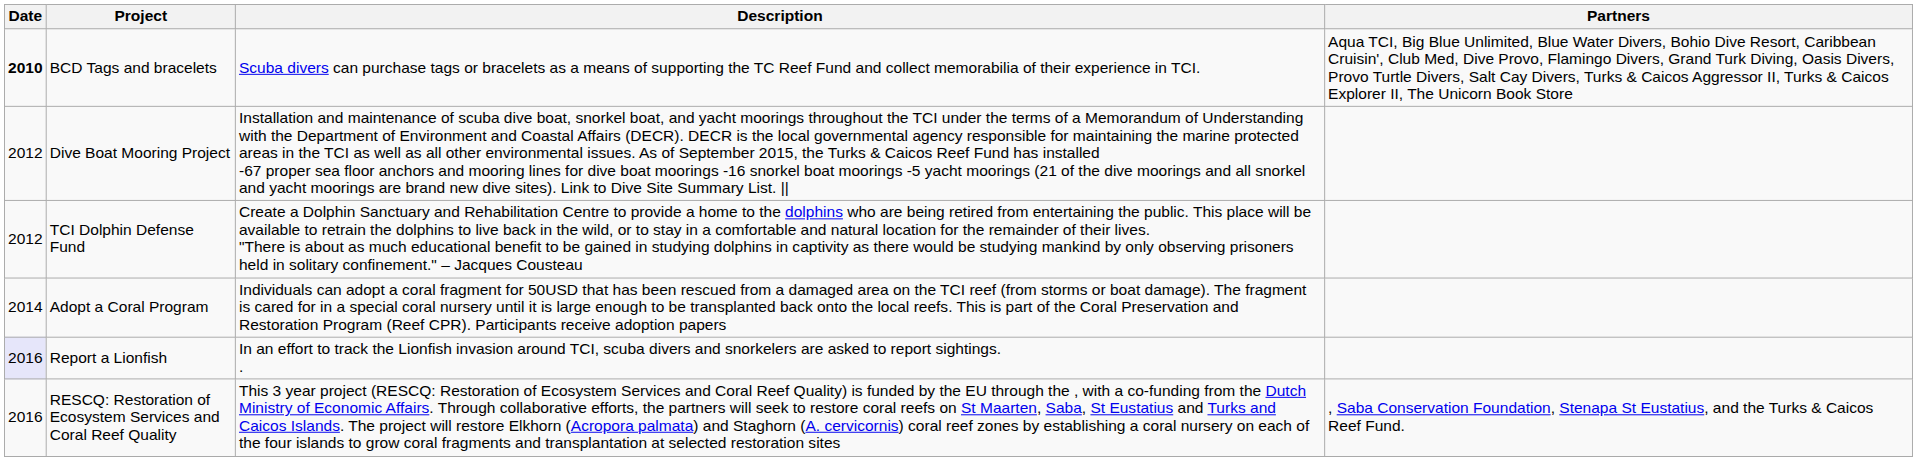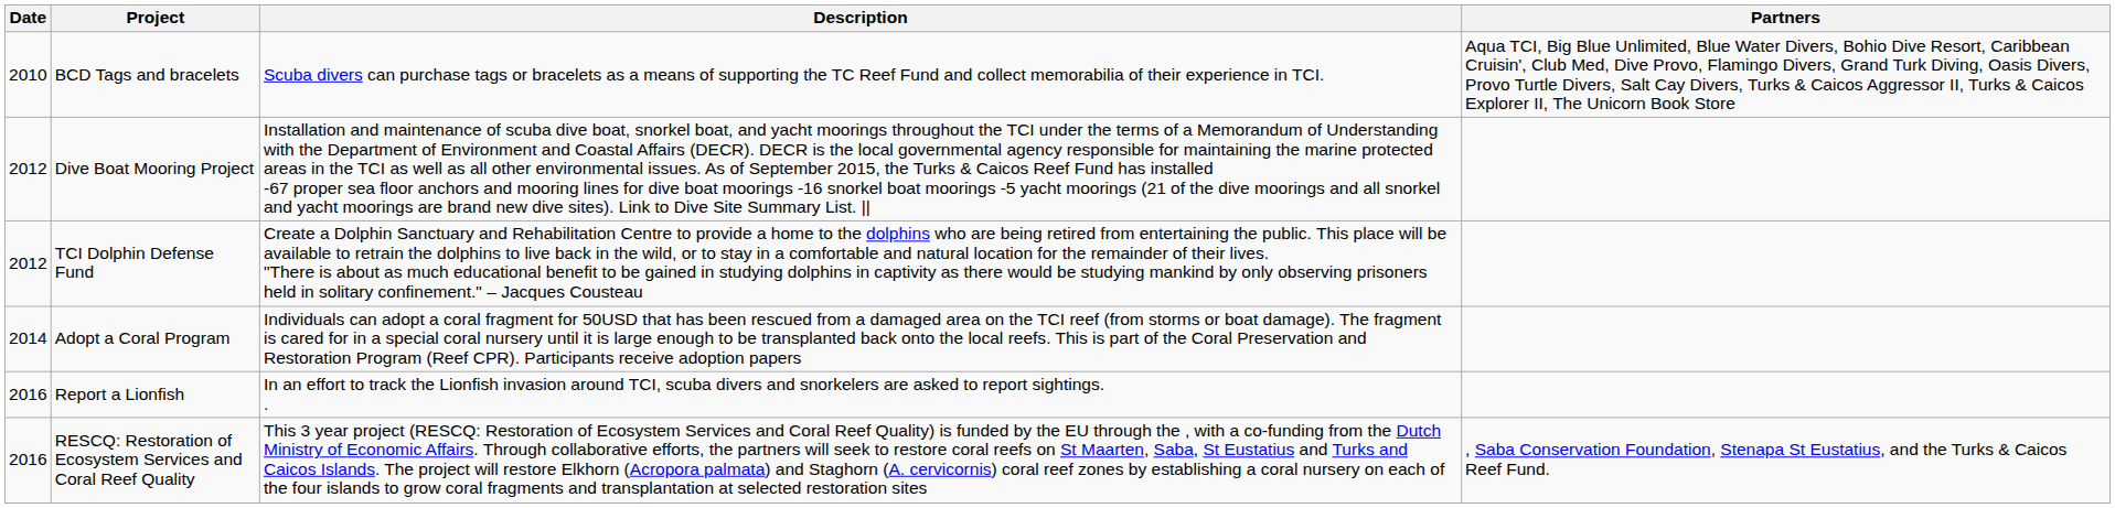 <table class="wikitable">
 <tr>
 <th>Date</th>
 <th>Project</th>
 <th>Description</th>
 <th>Partners</th>
 </tr>
 <tr>
-<td><strong>2010</strong></td>
+<td>2010</td>
 <td>BCD Tags and bracelets</td>
 <td><a href='#'>Scuba divers</a> can purchase tags or bracelets as a means of supporting the TC Reef Fund and collect memorabilia of their experience in TCI.</td>
 <td>Aqua TCI, Big Blue Unlimited, Blue Water Divers, Bohio Dive Resort, Caribbean Cruisin', Club Med, Dive Provo, Flamingo Divers, Grand Turk Diving, Oasis Divers, Provo Turtle Divers, Salt Cay Divers, Turks & Caicos Aggressor II, Turks & Caicos Explorer II, The Unicorn Book Store</td>
 </tr>
 <tr>
 <td>2012</td>
 <td>Dive Boat Mooring Project</td>
 <td>Installation and maintenance of scuba dive boat, snorkel boat, and yacht moorings throughout the TCI under the terms of a Memorandum of Understanding with the Department of Environment and Coastal Affairs (DECR).  DECR is the local governmental agency responsible for maintaining the marine protected areas in the TCI as well as all other environmental issues.   As of September 2015, the Turks & Caicos Reef Fund has installed<br>-67 proper sea floor anchors and mooring lines for dive boat moorings -16 snorkel boat moorings  -5 yacht moorings  (21 of the dive moorings and all snorkel and yacht moorings are brand new dive sites).  Link to Dive Site Summary List. ||</td>
 </tr>
 <tr>
 <td>2012</td>
 <td>TCI Dolphin Defense Fund</td>
 <td>Create a Dolphin Sanctuary and Rehabilitation Centre to provide a home to the <a href='#'>dolphins</a> who are being retired from entertaining the public.  This place will be available to retrain the dolphins to live back in the wild, or to stay in a comfortable and natural location for the remainder of their lives.<br>"There is about as much educational benefit to be gained in studying dolphins in captivity as there would be studying mankind by only observing prisoners held in solitary confinement." – Jacques Cousteau</td>
 <td></td>
 </tr>
 <tr>
 <td>2014</td>
 <td>Adopt a Coral Program</td>
 <td>Individuals can adopt a coral fragment for 50USD that has been rescued from a damaged area on the TCI reef (from storms or boat damage).  The fragment is cared for in a special coral nursery until it is large enough to be transplanted back onto the local reefs.  This is part of the Coral Preservation and Restoration Program (Reef CPR).  Participants receive adoption papers</td>
 <td></td>
 </tr>
 <tr>
-<td style="background: lavender;">2016</td>
+<td>2016</td>
 <td>Report a Lionfish</td>
 <td>In an effort to track the Lionfish invasion around TCI, scuba divers and snorkelers are asked to report sightings.<br>.</td>
 <td></td>
 </tr>
 <tr>
 <td>2016</td>
 <td>RESCQ:  Restoration of Ecosystem Services and Coral Reef Quality</td>
 <td>This 3 year project (RESCQ:  Restoration of Ecosystem Services and Coral Reef Quality) is funded by the EU through the , with a co-funding from the <a href='#'>Dutch Ministry of Economic Affairs</a>.  Through collaborative efforts, the partners will seek to restore coral reefs on <a href='#'>St Maarten</a>, <a href='#'>Saba</a>, <a href='#'>St Eustatius</a> and <a href='#'>Turks and Caicos Islands</a>. The project will restore Elkhorn (<a href='#'>Acropora palmata</a>) and Staghorn (<a href='#'>A. cervicornis</a>) coral reef zones by establishing a coral nursery on each of the four islands to grow coral fragments and transplantation at selected restoration sites</td>
 <td>, <a href='#'>Saba Conservation Foundation</a>, <a href='#'>Stenapa St Eustatius</a>, and the Turks & Caicos Reef Fund.</td>
 </tr>
 <tr>
 </tr>
 </table>
